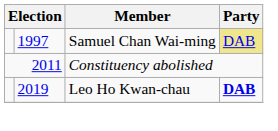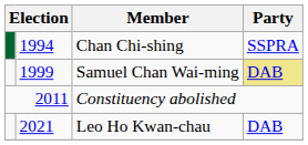 <table class="wikitable">
 <tr>
 <th colspan="2">Election</th>
 <th>Member</th>
 <th>Party</th>
 </tr>
 <tr>
+<td style="color:inherit;background:#00652E"></td>
+<td><a href='#'>1994</a></td>
+<td>Chan Chi-shing</td>
+<td><a href='#'>SSPRA</a></td>
+</tr>
+<tr>
 <td style="color:inherit;background:"></td>
-<td><a href='#'>1997</a></td>
+<td><a href='#'>1999</a></td>
 <td>Samuel Chan Wai-ming</td>
 <td style="background: khaki;"><a href='#'>DAB</a></td>
 </tr>
 <tr>
 <td colspan=2 align=right><a href='#'>2011</a></td>
 <td colspan=2><em>Constituency abolished</em></td>
 </tr>
 <tr>
 <td style="color:inherit;background:"></td>
-<td><a href='#'>2019</a></td>
+<td><a href='#'>2021</a></td>
 <td>Leo Ho Kwan-chau</td>
-<td><strong><a href='#'>DAB</a></strong></td>
+<td><a href='#'>DAB</a></td>
 </tr>
 <tr>
 </tr>
 </table>
